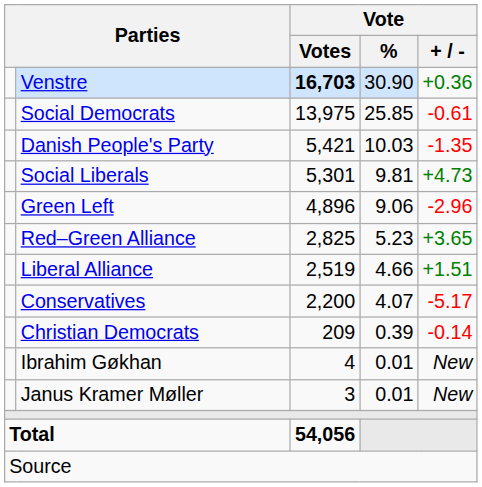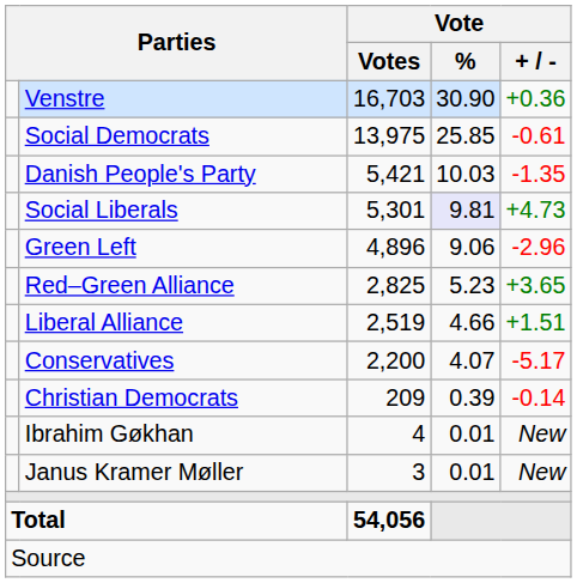 <table class="wikitable" style="text-align:right;">
 <tr>
 <th style="text-align:centre;" rowspan="2" colspan="2" width="225">Parties</th>
 <th colspan="3">Vote</th>
 </tr>
 <tr>
 <th width="15">Votes</th>
 <th width="15">%</th>
 <th width="15">+ / -</th>
 </tr>
 <tr>
 <td width="2" style="color:inherit;background:"></td>
 <td bgcolor=#cfe5fe  align="left"><a href='#'>Venstre</a></td>
-<td bgcolor=#cfe5fe><strong>16,703</strong></td>
+<td bgcolor=#cfe5fe>16,703</td>
 <td bgcolor=#cfe5fe>30.90</td>
 <td style=color:green;>+0.36</td>
 </tr>
 <tr>
 <td width="2" style="color:inherit;background:"></td>
 <td align="left"><a href='#'>Social Democrats</a></td>
 <td>13,975</td>
 <td>25.85</td>
 <td style=color:red;>-0.61</td>
 </tr>
 <tr>
 <td width="2" style="color:inherit;background:"></td>
 <td align="left"><a href='#'>Danish People's Party</a></td>
 <td>5,421</td>
 <td>10.03</td>
 <td style=color:red;>-1.35</td>
 </tr>
 <tr>
 <td width="2" style="color:inherit;background:"></td>
 <td align="left"><a href='#'>Social Liberals</a></td>
 <td>5,301</td>
-<td>9.81</td>
+<td style="background: lavender;">9.81</td>
 <td style=color:green;>+4.73</td>
 </tr>
 <tr>
 <td width="2" style="color:inherit;background:"></td>
 <td align="left"><a href='#'>Green Left</a></td>
 <td>4,896</td>
 <td>9.06</td>
 <td style=color:red;>-2.96</td>
 </tr>
 <tr>
 <td width="2" style="color:inherit;background:"></td>
 <td align="left"><a href='#'>Red–Green Alliance</a></td>
 <td>2,825</td>
 <td>5.23</td>
 <td style=color:green;>+3.65</td>
 </tr>
 <tr>
 <td width="2" style="color:inherit;background:"></td>
 <td align="left"><a href='#'>Liberal Alliance</a></td>
 <td>2,519</td>
 <td>4.66</td>
 <td style=color:green;>+1.51</td>
 </tr>
 <tr>
 <td width="2" style="color:inherit;background:"></td>
 <td align="left"><a href='#'>Conservatives</a></td>
 <td>2,200</td>
 <td>4.07</td>
 <td style=color:red;>-5.17</td>
 </tr>
 <tr>
 <td width="2" style="color:inherit;background:"></td>
 <td align="left"><a href='#'>Christian Democrats</a></td>
 <td>209</td>
 <td>0.39</td>
 <td style=color:red;>-0.14</td>
 </tr>
 <tr>
 <td width="2" style="color:inherit;background:"></td>
 <td align="left">Ibrahim Gøkhan</td>
 <td>4</td>
 <td>0.01</td>
 <td><em>New</em></td>
 </tr>
 <tr>
 <td width="2" style="color:inherit;background:"></td>
 <td align="left">Janus Kramer Møller</td>
 <td>3</td>
 <td>0.01</td>
 <td><em>New</em></td>
 </tr>
 <tr>
 <td colspan="7" bgcolor="#E9E9E9"></td>
 </tr>
 <tr>
 <td align="left" colspan="2"><strong>Total</strong></td>
 <td><strong>54,056</strong></td>
 <td bgcolor="#E9E9E9" colspan="2"></td>
 </tr>
 <tr>
 <td align="left" colspan="6">Source</td>
 </tr>
 </table>
